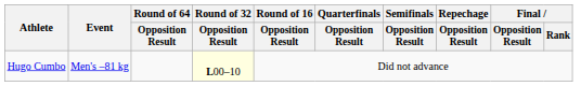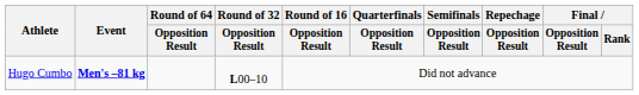 <table class="wikitable" style="font-size:90%">
 <tr>
 <th rowspan="2">Athlete</th>
 <th rowspan="2">Event</th>
 <th>Round of 64</th>
 <th>Round of 32</th>
 <th>Round of 16</th>
 <th>Quarterfinals</th>
 <th>Semifinals</th>
 <th>Repechage</th>
 <th colspan=2>Final / </th>
 </tr>
 <tr style="font-size:95%">
 <th>Opposition<br>Result</th>
 <th>Opposition<br>Result</th>
 <th>Opposition<br>Result</th>
 <th>Opposition<br>Result</th>
 <th>Opposition<br>Result</th>
 <th>Opposition<br>Result</th>
 <th>Opposition<br>Result</th>
 <th>Rank</th>
 </tr>
 <tr align=center>
 <td align=left><a href='#'>Hugo Cumbo</a></td>
-<td align=left><a href='#'>Men's –81 kg</a></td>
+<td align=left><strong><a href='#'>Men's –81 kg</a></strong></td>
 <td></td>
-<td style="background: lightyellow;"> <br> <strong>L</strong>00–10</td>
+<td> <br> <strong>L</strong>00–10</td>
 <td colspan=7>Did not advance</td>
 </tr>
 </table>
